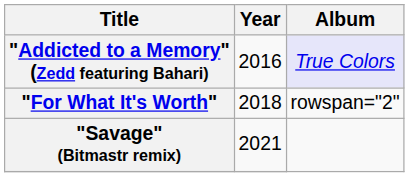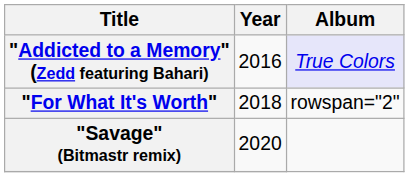 <table class="wikitable plainrowheaders" style="text-align:center;">
 <tr>
 <th scope="col">Title</th>
 <th scope="col">Year</th>
 <th scope="col">Album</th>
 </tr>
 <tr>
 <th scope="row">"<a href='#'>Addicted to a Memory</a>"<br>(<small><a href='#'>Zedd</a> featuring Bahari)</small></th>
 <td>2016</td>
 <td style="background: lavender;"><em><a href='#'>True Colors</a></em></td>
 </tr>
 <tr>
 <th scope="row">"<a href='#'>For What It's Worth</a>"</th>
 <td>2018</td>
 <td>rowspan="2" </td>
 </tr>
 <tr>
 <th scope="row">"Savage"<br><small>(Bitmastr remix)</small></th>
-<td>2021</td>
+<td>2020</td>
 </tr>
 <tr>
 </tr>
 </table>
